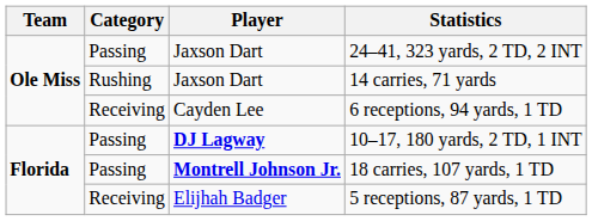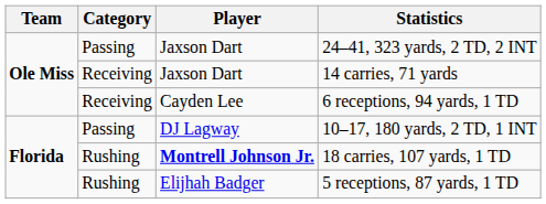 <table class="wikitable" style="float: right;">
 <tr>
 <th>Team</th>
 <th>Category</th>
 <th>Player</th>
 <th>Statistics</th>
 </tr>
 <tr>
 <td rowspan=3><strong>Ole Miss</strong></td>
 <td>Passing</td>
 <td>Jaxson Dart</td>
 <td>24–41, 323 yards, 2 TD, 2 INT</td>
 </tr>
 <tr>
-<td>Rushing</td>
+<td>Receiving</td>
 <td>Jaxson Dart</td>
 <td>14 carries, 71 yards</td>
 </tr>
 <tr>
 <td>Receiving</td>
 <td>Cayden Lee</td>
 <td>6 receptions, 94 yards, 1 TD</td>
 </tr>
 <tr>
 <td rowspan=3><strong>Florida</strong></td>
 <td>Passing</td>
-<td><strong><a href='#'>DJ Lagway</a></strong></td>
+<td><a href='#'>DJ Lagway</a></td>
 <td>10–17, 180 yards, 2 TD, 1 INT</td>
 </tr>
 <tr>
-<td>Passing</td>
+<td>Rushing</td>
 <td><strong><a href='#'>Montrell Johnson Jr.</a></strong></td>
 <td>18 carries, 107 yards, 1 TD</td>
 </tr>
 <tr>
-<td>Receiving</td>
+<td>Rushing</td>
 <td><a href='#'>Elijhah Badger</a></td>
 <td>5 receptions, 87 yards, 1 TD</td>
 </tr>
 </table>
